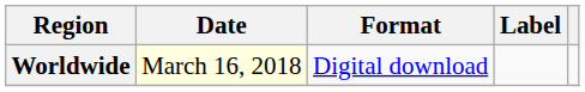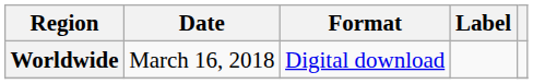 <table class="wikitable plainrowheaders">
 <tr>
 <th scope="col">Region</th>
 <th scope="col">Date</th>
 <th scope="col">Format</th>
 <th scope="col">Label</th>
 <th scope="col"></th>
 </tr>
 <tr>
 <th scope="row">Worldwide</th>
-<td style="background: lightyellow;">March 16, 2018</td>
+<td>March 16, 2018</td>
 <td><a href='#'>Digital download</a></td>
 <td rowspan="3"></td>
 <td></td>
 </tr>
 <tr>
 </tr>
 </table>
